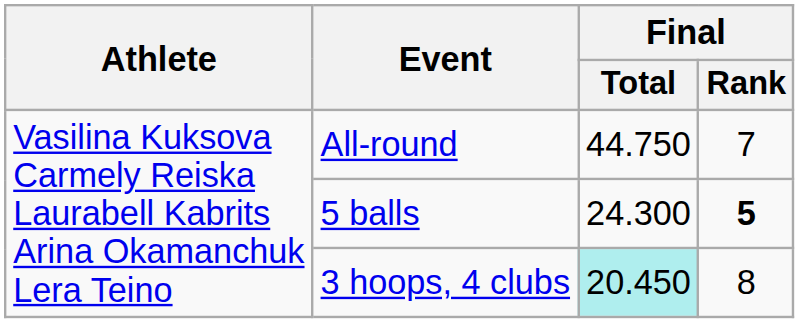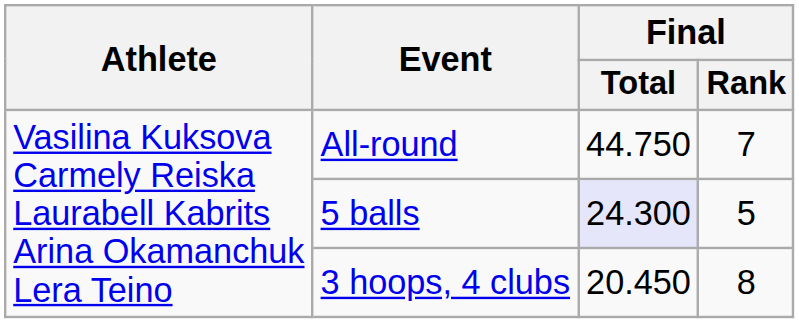 <table class="wikitable" style="text-align:center; font-size:90%">
 <tr>
 <th rowspan=2>Athlete</th>
 <th rowspan=2>Event</th>
 <th colspan=4>Final</th>
 </tr>
 <tr style="font-size:95%">
 <th>Total</th>
 <th>Rank</th>
 </tr>
 <tr align=center>
 <td rowspan=3 align=left><a href='#'>Vasilina Kuksova</a><br><a href='#'>Carmely Reiska</a><br><a href='#'>Laurabell Kabrits</a><br><a href='#'>Arina Okamanchuk</a><br><a href='#'>Lera Teino</a></td>
 <td align=left><a href='#'>All-round</a></td>
 <td>44.750</td>
 <td>7</td>
 </tr>
 <tr>
 <td align=left><a href='#'>5 balls</a></td>
-<td>24.300</td>
-<td><strong>5</strong></td>
+<td style="background: lavender;">24.300</td>
+<td>5</td>
 </tr>
 <tr>
 <td align=left><a href='#'>3 hoops, 4 clubs</a></td>
-<td style="background: paleturquoise;">20.450</td>
+<td>20.450</td>
 <td>8</td>
 </tr>
 </table>
